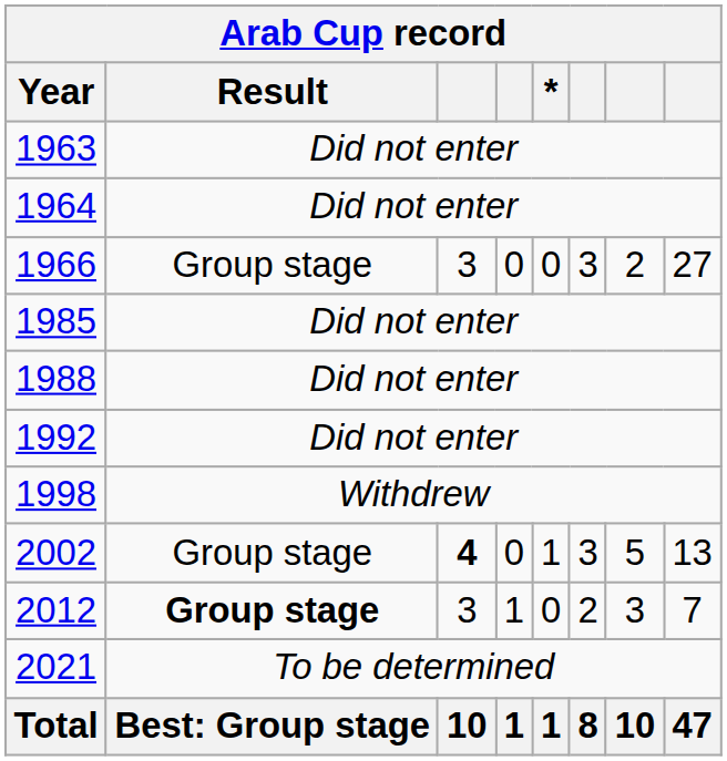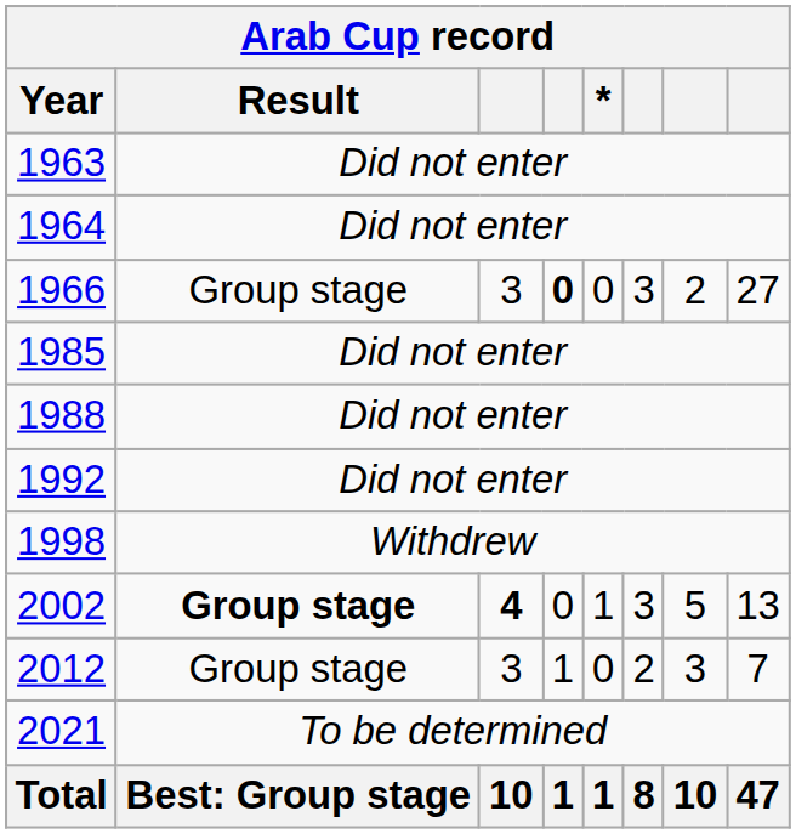 <table class="wikitable" style="text-align: center;">
 <tr>
 <th colspan=8><a href='#'>Arab Cup</a> record</th>
 </tr>
 <tr>
 <th>Year</th>
 <th>Result</th>
 <th></th>
 <th></th>
 <th>*</th>
 <th></th>
 <th></th>
 <th></th>
 </tr>
 <tr>
 <td> <a href='#'>1963</a></td>
 <td colspan=7><em>Did not enter</em></td>
 </tr>
 <tr>
 <td> <a href='#'>1964</a></td>
 <td colspan=7><em>Did not enter</em></td>
 </tr>
 <tr>
 <td> <a href='#'>1966</a></td>
 <td>Group stage</td>
 <td>3</td>
-<td>0</td>
+<td><strong>0</strong></td>
 <td>0</td>
 <td>3</td>
 <td>2</td>
 <td>27</td>
 </tr>
 <tr>
 <td> <a href='#'>1985</a></td>
 <td colspan=7><em>Did not enter</em></td>
 </tr>
 <tr>
 <td> <a href='#'>1988</a></td>
 <td colspan=7><em>Did not enter</em></td>
 </tr>
 <tr>
 <td> <a href='#'>1992</a></td>
 <td colspan=7><em>Did not enter</em></td>
 </tr>
 <tr>
 <td> <a href='#'>1998</a></td>
 <td colspan=7><em>Withdrew</em></td>
 </tr>
 <tr>
 <td> <a href='#'>2002</a></td>
-<td>Group stage</td>
+<td><strong>Group stage</strong></td>
 <td><strong>4</strong></td>
 <td>0</td>
 <td>1</td>
 <td>3</td>
 <td>5</td>
 <td>13</td>
 </tr>
 <tr>
 <td> <a href='#'>2012</a></td>
-<td><strong>Group stage</strong></td>
+<td>Group stage</td>
 <td>3</td>
 <td>1</td>
 <td>0</td>
 <td>2</td>
 <td>3</td>
 <td>7</td>
 </tr>
 <tr>
 <td> <a href='#'>2021</a></td>
 <td colspan=7><em>To be determined</em></td>
 </tr>
 <tr>
 <th><strong>Total</strong></th>
 <th><strong>Best: Group stage</strong></th>
 <th><strong>10</strong></th>
 <th><strong>1</strong></th>
 <th><strong>1</strong></th>
 <th><strong>8</strong></th>
 <th><strong>10</strong></th>
 <th><strong>47</strong></th>
 </tr>
 </table>
